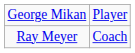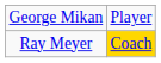 <table class="wikitable" style="text-align:center">
 <tr>
 <td><a href='#'>George Mikan</a></td>
 <td><a href='#'>Player</a></td>
 </tr>
 <tr>
 <td><a href='#'>Ray Meyer</a></td>
-<td><a href='#'>Coach</a></td>
+<td style="background: gold;"><a href='#'>Coach</a></td>
 </tr>
 </table>
